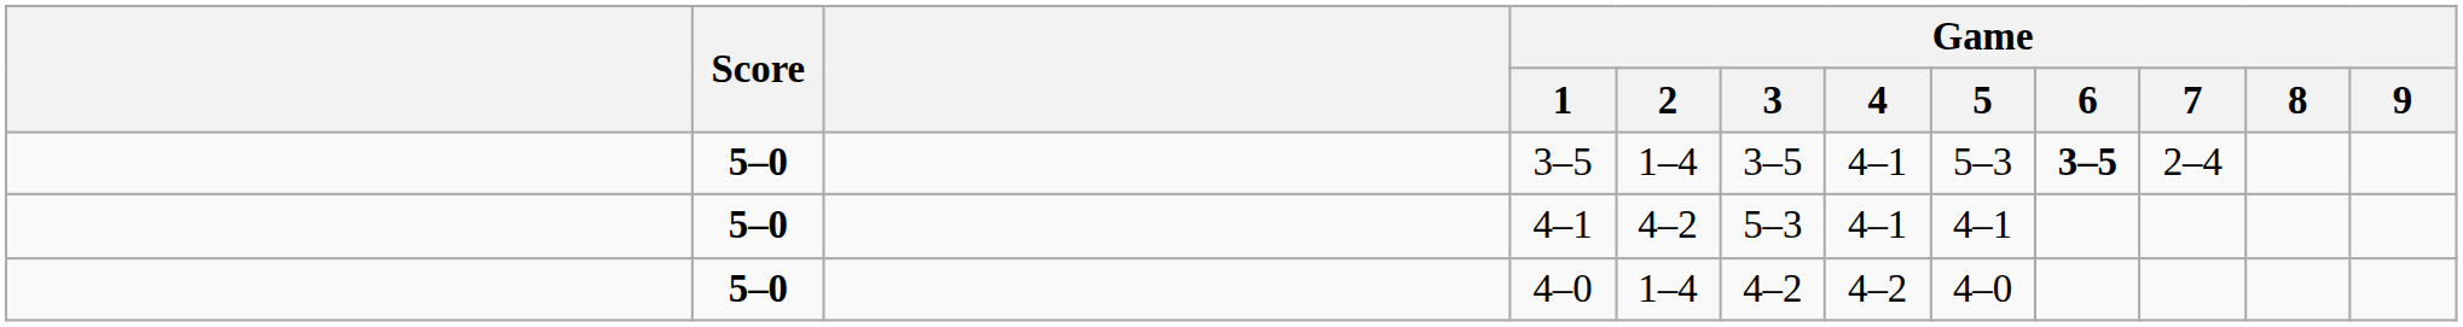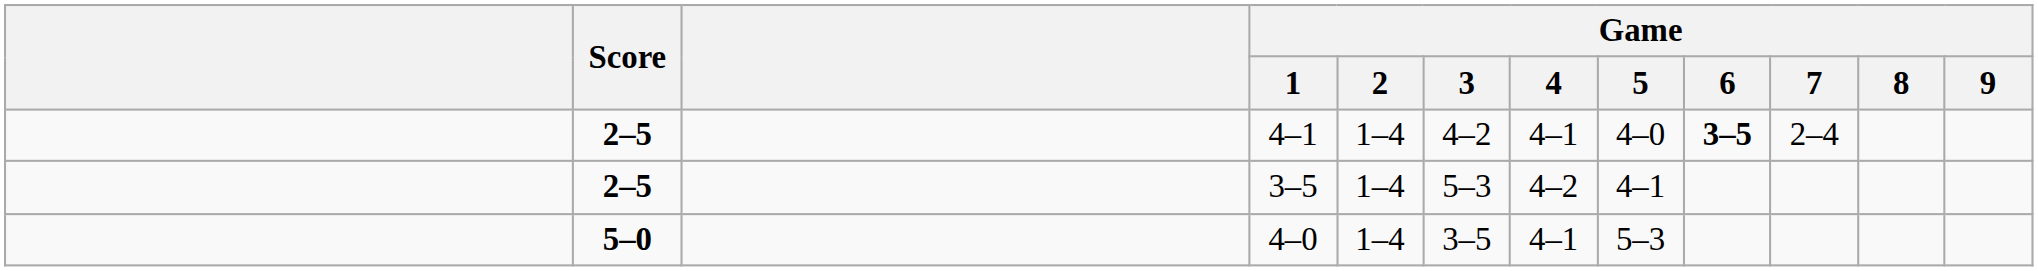 <table class="wikitable" style="text-align: center;">
 <tr>
 <th rowspan=2 align="right" width="270"></th>
 <th rowspan=2 width="45">Score</th>
 <th rowspan=2 align="left" width="270"></th>
 <th colspan=9>Game</th>
 </tr>
 <tr>
 <th width="35">1</th>
 <th width="35">2</th>
 <th width="35">3</th>
 <th width="35">4</th>
 <th width="35">5</th>
 <th width="35">6</th>
 <th width="35">7</th>
 <th width="35">8</th>
 <th width="35">9</th>
 </tr>
 <tr>
 <td align=left><br></td>
-<td align=center><strong>5–0</strong></td>
+<td align=center><strong>2–5</strong></td>
 <td align=left><strong><br></strong></td>
-<td>3–5</td>
+<td>4–1</td>
 <td>1–4</td>
-<td>3–5</td>
+<td>4–2</td>
 <td>4–1</td>
-<td>5–3</td>
+<td>4–0</td>
 <td><strong>3–5</strong></td>
 <td>2–4</td>
 <td></td>
 <td></td>
 </tr>
 <tr>
 <td align=left><strong><br></strong></td>
-<td align=center><strong>5–0</strong></td>
+<td align=center><strong>2–5</strong></td>
 <td align=left><br></td>
-<td>4–1</td>
+<td>3–5</td>
+<td>1–4</td>
+<td>5–3</td>
 <td>4–2</td>
-<td>5–3</td>
-<td>4–1</td>
 <td>4–1</td>
 <td></td>
 <td></td>
 <td></td>
 <td></td>
 </tr>
 <tr>
 <td align=left><strong><br></strong></td>
 <td align=center><strong>5–0</strong></td>
 <td align=left><br></td>
 <td>4–0</td>
 <td>1–4</td>
-<td>4–2</td>
-<td>4–2</td>
-<td>4–0</td>
+<td>3–5</td>
+<td>4–1</td>
+<td>5–3</td>
 <td></td>
 <td></td>
 <td></td>
 <td></td>
 </tr>
 </table>
